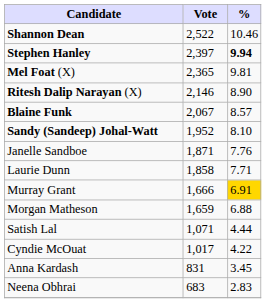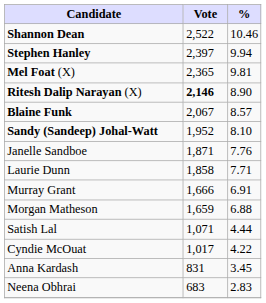 <table class="wikitable">
 <tr>
 <th style="background:#ddf; width:225px;">Candidate</th>
 <th style="background:#ddf; width:50px;">Vote</th>
 <th style="background:#ddf; width:30px;">%</th>
 </tr>
 <tr>
 <td><strong>Shannon Dean</strong></td>
 <td>2,522</td>
 <td>10.46</td>
 </tr>
 <tr>
 <td><strong>Stephen Hanley</strong></td>
 <td>2,397</td>
-<td><strong>9.94</strong></td>
+<td>9.94</td>
 </tr>
 <tr>
 <td><strong>Mel Foat</strong> (X)</td>
 <td>2,365</td>
 <td>9.81</td>
 </tr>
 <tr>
 <td><strong>Ritesh Dalip Narayan</strong> (X)</td>
-<td>2,146</td>
+<td><strong>2,146</strong></td>
 <td>8.90</td>
 </tr>
 <tr>
 <td><strong>Blaine Funk</strong></td>
 <td>2,067</td>
 <td>8.57</td>
 </tr>
 <tr>
 <td><strong>Sandy (Sandeep) Johal-Watt</strong></td>
 <td>1,952</td>
 <td>8.10</td>
 </tr>
 <tr>
 <td>Janelle Sandboe</td>
 <td>1,871</td>
 <td>7.76</td>
 </tr>
 <tr>
 <td>Laurie Dunn</td>
 <td>1,858</td>
 <td>7.71</td>
 </tr>
 <tr>
 <td>Murray Grant</td>
 <td>1,666</td>
-<td style="background: gold;">6.91</td>
+<td>6.91</td>
 </tr>
 <tr>
 <td>Morgan Matheson</td>
 <td>1,659</td>
 <td>6.88</td>
 </tr>
 <tr>
 <td>Satish Lal</td>
 <td>1,071</td>
 <td>4.44</td>
 </tr>
 <tr>
 <td>Cyndie McOuat</td>
 <td>1,017</td>
 <td>4.22</td>
 </tr>
 <tr>
 <td>Anna Kardash</td>
 <td>831</td>
 <td>3.45</td>
 </tr>
 <tr>
 <td>Neena Obhrai</td>
 <td>683</td>
 <td>2.83</td>
 </tr>
 <tr>
 </tr>
 </table>
